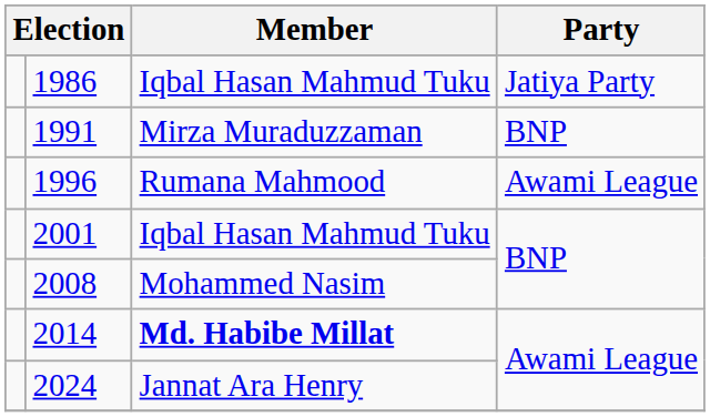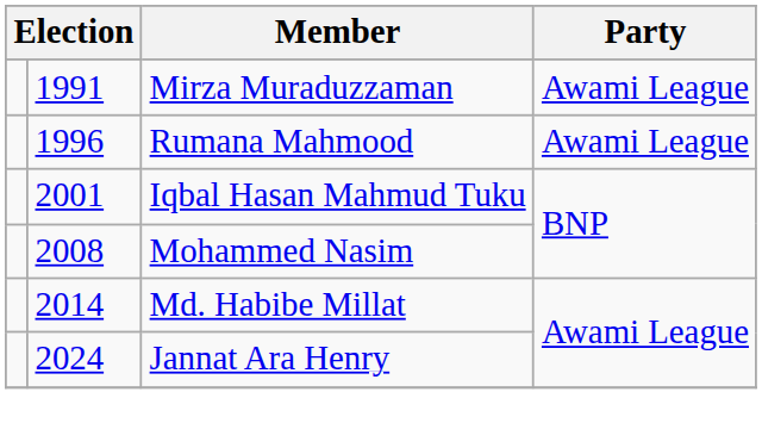 <table class="wikitable">
 <tr>
 <th colspan="2">Election</th>
 <th>Member</th>
 <th>Party</th>
 </tr>
 <tr>
 <td style="background-color:"></td>
-<td><a href='#'>1986</a></td>
-<td><a href='#'>Iqbal Hasan Mahmud Tuku</a></td>
-<td><a href='#'>Jatiya Party</a></td>
-</tr>
-<tr>
-<td style="background-color:"></td>
 <td><a href='#'>1991</a></td>
 <td><a href='#'>Mirza Muraduzzaman</a></td>
-<td><a href='#'>BNP</a></td>
+<td><a href='#'>Awami League</a></td>
 </tr>
 <tr>
 <td style="background-color:"></td>
 <td><a href='#'>1996</a></td>
 <td><a href='#'>Rumana Mahmood</a></td>
 <td><a href='#'>Awami League</a></td>
 </tr>
 <tr>
 <td style="background-color:"></td>
 <td><a href='#'>2001</a></td>
 <td><a href='#'>Iqbal Hasan Mahmud Tuku</a></td>
 <td rowspan="2"><a href='#'>BNP</a></td>
 </tr>
 <tr>
 <td style="background-color:"></td>
 <td><a href='#'>2008</a></td>
 <td><a href='#'>Mohammed Nasim</a></td>
 </tr>
 <tr>
 <td style="background-color:"></td>
 <td><a href='#'>2014</a></td>
-<td><strong><a href='#'>Md. Habibe Millat</a></strong></td>
+<td><a href='#'>Md. Habibe Millat</a></td>
 <td rowspan="2"><a href='#'>Awami League</a></td>
 </tr>
 <tr>
 <td style="background-color:"></td>
 <td><a href='#'>2024</a></td>
 <td><a href='#'>Jannat Ara Henry</a></td>
 </tr>
 <tr>
 </tr>
 </table>
